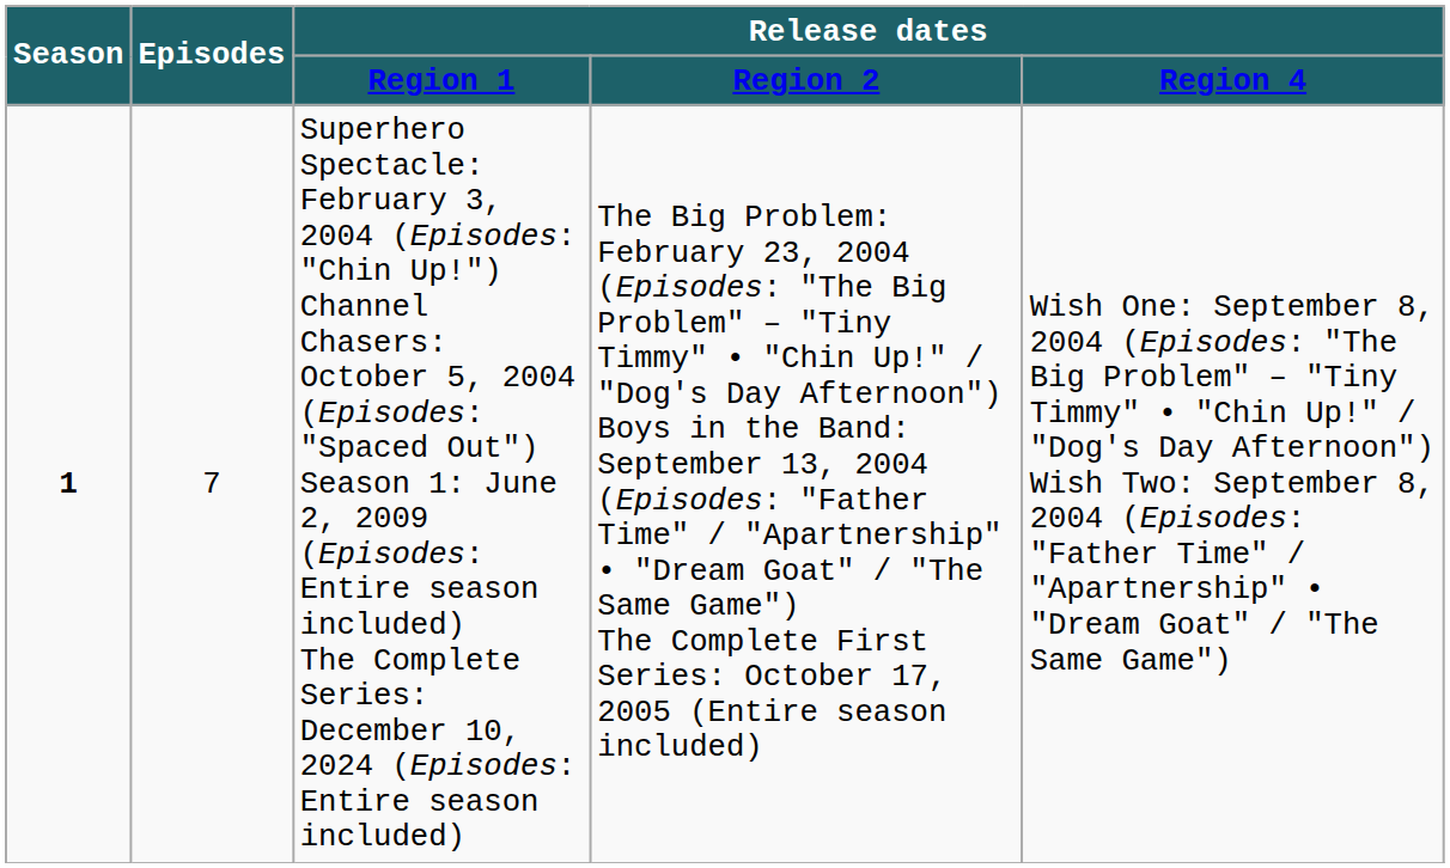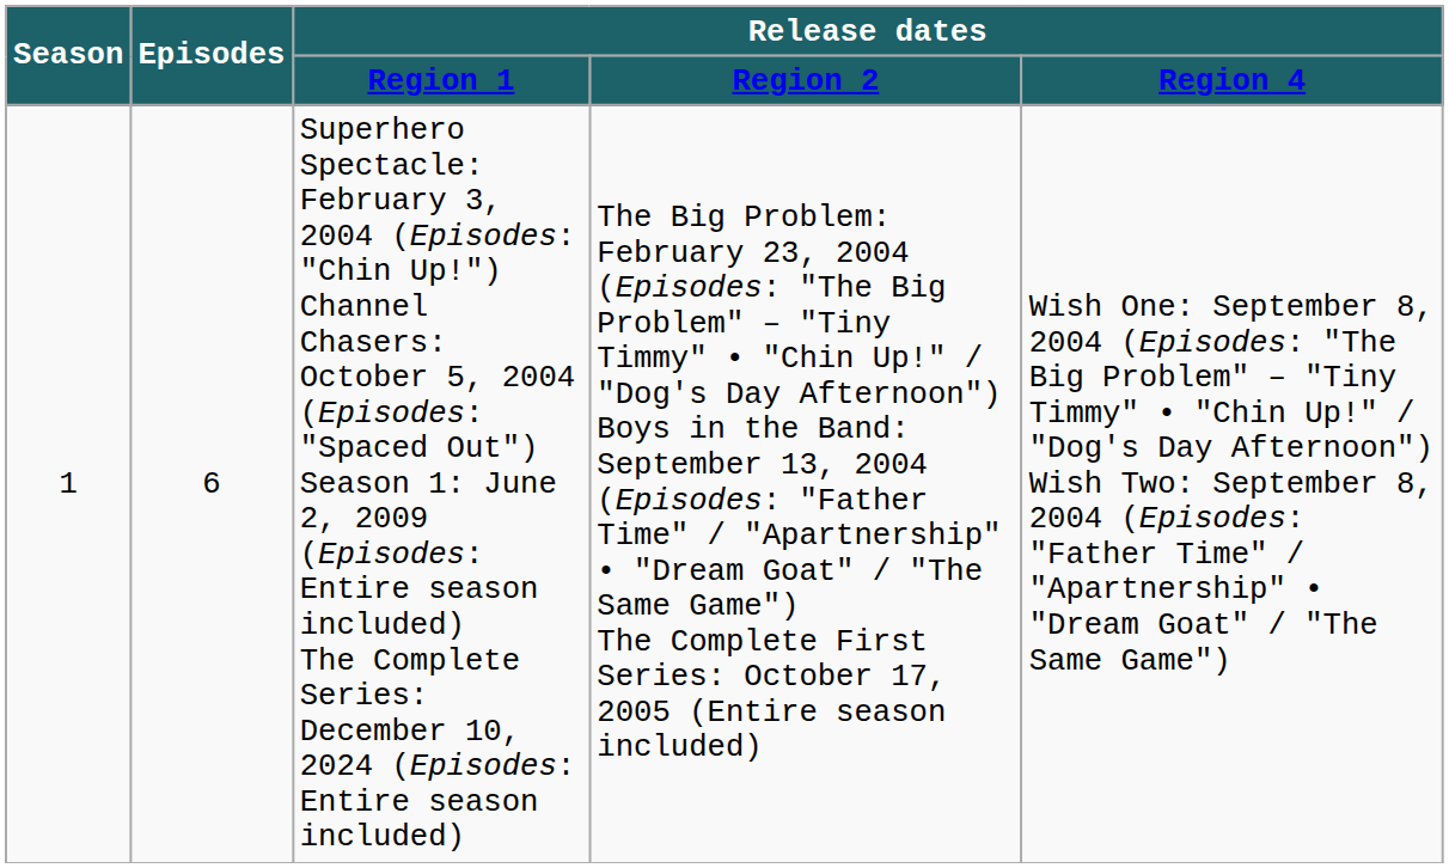 <table class="wikitable">
 <tr>
 <th rowspan=2 style="background:#1D6169;color:#ffffff">Season</th>
 <th rowspan=2 style="background:#1D6169;color:#ffffff">Episodes</th>
 <th colspan=3 style="background:#1D6169;color:#ffffff">Release dates</th>
 </tr>
 <tr>
 <th style="background:#1D6169;color:#ffffff"><a href='#'>Region 1</a></th>
 <th style="background:#1D6169;color:#ffffff"><a href='#'>Region 2</a></th>
 <th style="background:#1D6169;color:#ffffff"><a href='#'>Region 4</a></th>
 </tr>
 <tr>
-<td style="text-align: center"><strong>1</strong></td>
-<td style="text-align: center">7</td>
+<td style="text-align: center">1</td>
+<td style="text-align: center">6</td>
 <td>Superhero Spectacle: February 3, 2004 (<em>Episodes</em>: "Chin Up!")<br>Channel Chasers: October 5, 2004 (<em>Episodes</em>: "Spaced Out")<br>Season 1: June 2, 2009 (<em>Episodes</em>: Entire season included) <br>The Complete Series: December 10, 2024 (<em>Episodes</em>: Entire season included)</td>
 <td>The Big Problem: February 23, 2004 (<em>Episodes</em>: "The Big Problem" – "Tiny Timmy" • "Chin Up!" / "Dog's Day Afternoon")<br>Boys in the Band: September 13, 2004 (<em>Episodes</em>: "Father Time" / "Apartnership" • "Dream Goat" / "The Same Game")<br>The Complete First Series: October 17, 2005 (Entire season included)</td>
 <td>Wish One: September 8, 2004 (<em>Episodes</em>: "The Big Problem" – "Tiny Timmy" • "Chin Up!" / "Dog's Day Afternoon")<br>Wish Two: September 8, 2004 (<em>Episodes</em>: "Father Time" / "Apartnership" • "Dream Goat" / "The Same Game")</td>
 </tr>
 </table>
